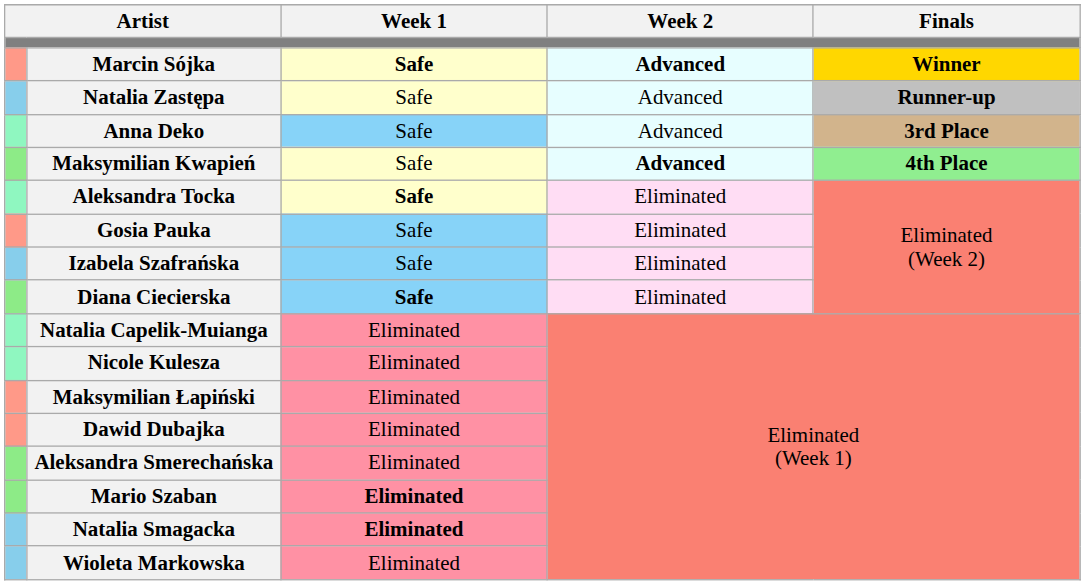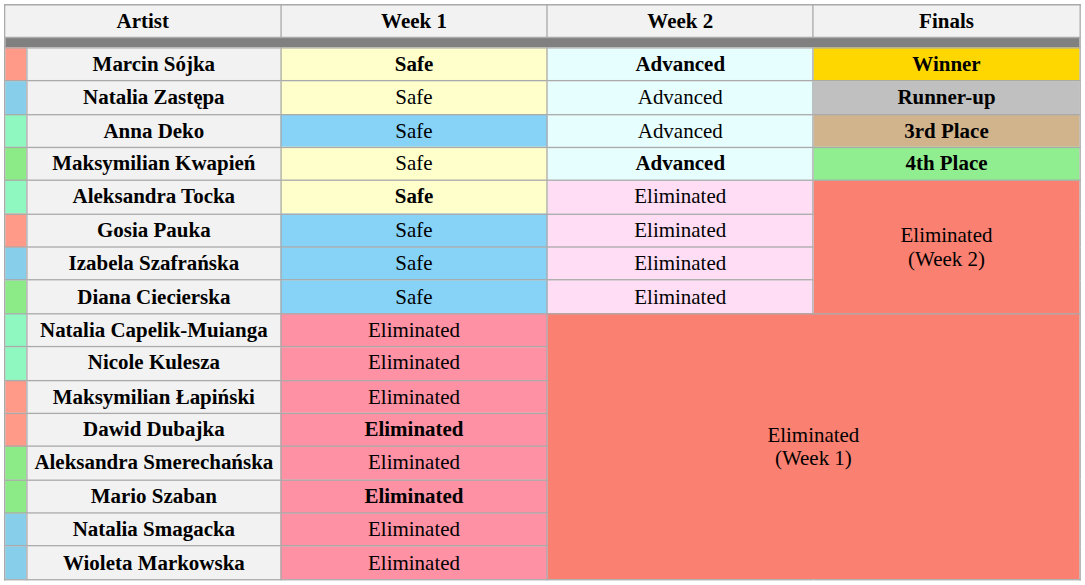 <table class="wikitable" style="text-align:center; width:65%;">
 <tr>
 </tr>
 <tr>
 <th colspan="2">Artist</th>
 <th style="width:12%;">Week 1</th>
 <th style="width:12%;">Week 2</th>
 <th style="width:12%;">Finals</th>
 </tr>
 <tr>
 <th colspan="6" style="background:gray;"></th>
 </tr>
 <tr>
 <td style="background:#ff9988;"></td>
 <th>Marcin Sójka</th>
 <td style="background:#ffc;"><strong>Safe</strong></td>
 <td style="background:#E7FEFF;"><strong>Advanced</strong></td>
 <th style="background:gold;">Winner</th>
 </tr>
 <tr>
 <td style="background:#87ceeb;"></td>
 <th>Natalia Zastępa</th>
 <td style="background:#ffc;">Safe</td>
 <td style="background:#E7FEFF;">Advanced</td>
 <th style="background:silver;">Runner-up</th>
 </tr>
 <tr>
 <td style="background:#8ff7c0;"></td>
 <th>Anna Deko</th>
 <td style="background:#87D3F8;">Safe</td>
 <td style="background:#E7FEFF;">Advanced</td>
 <th style="background:tan;">3rd Place</th>
 </tr>
 <tr>
 <td style="background:#8deb87;"></td>
 <th>Maksymilian Kwapień</th>
 <td style="background:#ffc;">Safe</td>
 <td style="background:#E7FEFF;"><strong>Advanced</strong></td>
 <th style="background:lightgreen;">4th Place</th>
 </tr>
 <tr>
 <td style="background:#8ff7c0;"></td>
 <th>Aleksandra Tocka</th>
 <td style="background:#ffc;"><strong>Safe</strong></td>
 <td style="background:#FFDDF4;">Eliminated</td>
 <td colspan="3" rowspan="4" style="background:salmon;">Eliminated<br>(Week 2)</td>
 </tr>
 <tr>
 <td style="background:#ff9988;"></td>
 <th>Gosia Pauka</th>
 <td style="background:#87D3F8;">Safe</td>
 <td style="background:#FFDDF4;">Eliminated</td>
 </tr>
 <tr>
 <td style="background:#87ceeb;"></td>
 <th>Izabela Szafrańska</th>
 <td style="background:#87D3F8;">Safe</td>
 <td style="background:#FFDDF4;">Eliminated</td>
 </tr>
 <tr>
 <td style="background:#8deb87;"></td>
 <th>Diana Ciecierska</th>
-<td style="background:#87D3F8;"><strong>Safe</strong></td>
+<td style="background:#87D3F8;">Safe</td>
 <td style="background:#FFDDF4;">Eliminated</td>
 </tr>
 <tr>
 <td style="background:#8ff7c0;"></td>
 <th width="10%">Natalia Capelik-Muianga</th>
 <td style="background:#FF91A4;">Eliminated</td>
 <td colspan="4" rowspan="8" style="background:salmon;">Eliminated<br>(Week 1)</td>
 </tr>
 <tr>
 <td style="background:#8ff7c0;"></td>
 <th width="10%">Nicole Kulesza</th>
 <td style="background:#FF91A4;">Eliminated</td>
 </tr>
 <tr>
 <td style="background:#ff9988;"></td>
 <th width="10%">Maksymilian Łapiński</th>
 <td style="background:#FF91A4;">Eliminated</td>
 </tr>
 <tr>
 <td style="background:#ff9988;"></td>
 <th width="10%">Dawid Dubajka</th>
-<td style="background:#FF91A4;">Eliminated</td>
+<td style="background:#FF91A4;"><strong>Eliminated</strong></td>
 </tr>
 <tr>
 <th width="1%" style="background:#8deb87;"></th>
 <th width="10%">Aleksandra Smerechańska</th>
 <td style="background:#FF91A4;">Eliminated</td>
 </tr>
 <tr>
 <th width="1%" style="background:#8deb87;"></th>
 <th width="10%">Mario Szaban</th>
 <td style="background:#FF91A4;"><strong>Eliminated</strong></td>
 </tr>
 <tr>
 <th width="1%" style="background:#87ceeb;"></th>
 <th width="10%">Natalia Smagacka</th>
-<td style="background:#FF91A4;"><strong>Eliminated</strong></td>
+<td style="background:#FF91A4;">Eliminated</td>
 </tr>
 <tr>
 <th width="1%" style="background:#87ceeb;"></th>
 <th width="10%">Wioleta Markowska</th>
 <td style="background:#FF91A4;">Eliminated</td>
 </tr>
 </table>
